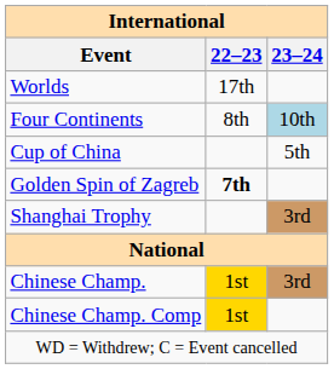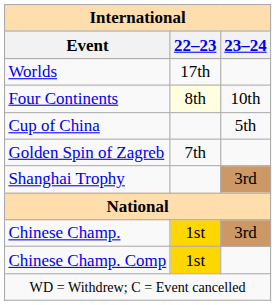 <table class="wikitable" style="text-align:center">
 <tr>
 <th style="background-color: #ffdead; " colspan=6 align=center>International</th>
 </tr>
 <tr>
 <th>Event</th>
 <th><a href='#'>22–23</a></th>
 <th><a href='#'>23–24</a></th>
 </tr>
 <tr>
 <td align=left><a href='#'>Worlds</a></td>
 <td>17th</td>
 <td></td>
 </tr>
 <tr>
 <td align=left><a href='#'>Four Continents</a></td>
-<td>8th</td>
-<td style="background: lightblue;">10th</td>
+<td style="background: lightyellow;">8th</td>
+<td>10th</td>
 </tr>
 <tr>
 <td align=left> <a href='#'>Cup of China</a></td>
 <td></td>
 <td>5th</td>
 </tr>
 <tr>
 <td align=left> <a href='#'>Golden Spin of Zagreb </a></td>
-<td><strong>7th</strong></td>
+<td>7th</td>
 <td></td>
 </tr>
 <tr>
 <td align=left><a href='#'>Shanghai Trophy</a></td>
 <td></td>
 <td bgcolor=cc9966>3rd</td>
 </tr>
 <tr>
 <th style="background-color: #ffdead; " colspan=6 align=center>National</th>
 </tr>
 <tr>
 <td align=left><a href='#'>Chinese Champ.</a></td>
 <td bgcolor=gold>1st</td>
 <td bgcolor=cc9966>3rd</td>
 </tr>
 <tr>
 <td align=left><a href='#'>Chinese Champ. Comp</a></td>
 <td bgcolor=gold>1st</td>
 <td></td>
 </tr>
 <tr>
 <td colspan=6 align=center><small> WD = Withdrew; C = Event cancelled </small></td>
 </tr>
 </table>
